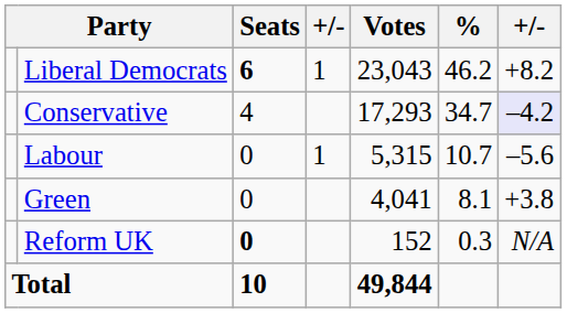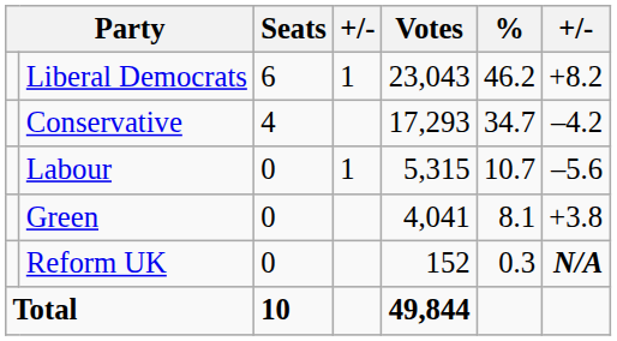 <table class="wikitable sortable">
 <tr>
 <th colspan="2">Party</th>
 <th>Seats</th>
 <th>+/-</th>
 <th>Votes</th>
 <th>%</th>
 <th>+/-</th>
 </tr>
 <tr>
 <td style="background-color: "></td>
 <td><a href='#'>Liberal Democrats</a></td>
-<td><strong>6</strong></td>
+<td>6</td>
 <td> 1</td>
 <td style="text-align:right;">23,043</td>
 <td style="text-align:right;">46.2</td>
 <td style="text-align:right;">+8.2</td>
 </tr>
 <tr>
 <td style="background-color: "></td>
 <td><a href='#'>Conservative</a></td>
 <td>4</td>
 <td></td>
 <td style="text-align:right;">17,293</td>
 <td style="text-align:right;">34.7</td>
-<td style="background: lavender; text-align:right;">–4.2</td>
+<td style="text-align:right;">–4.2</td>
 </tr>
 <tr>
 <td style="background-color: "></td>
 <td><a href='#'>Labour</a></td>
 <td>0</td>
 <td> 1</td>
 <td style="text-align:right;">5,315</td>
 <td style="text-align:right;">10.7</td>
 <td style="text-align:right;">–5.6</td>
 </tr>
 <tr>
 <td style="background-color: "></td>
 <td><a href='#'>Green</a></td>
 <td>0</td>
 <td></td>
 <td style="text-align:right;">4,041</td>
 <td style="text-align:right;">8.1</td>
 <td style="text-align:right;">+3.8</td>
 </tr>
 <tr>
 <td style="background-color: "></td>
 <td><a href='#'>Reform UK</a></td>
-<td><strong>0</strong></td>
+<td>0</td>
 <td></td>
 <td style="text-align:right;">152</td>
 <td style="text-align:right;">0.3</td>
-<td style="text-align:right;"><em>N/A</em></td>
+<td style="text-align:right;"><strong><em>N/A</em></strong></td>
 </tr>
 <tr>
 <td colspan="2"><strong>Total</strong></td>
 <td><strong>10</strong></td>
 <td></td>
 <td style="text-align:right;"><strong>49,844</strong></td>
 <td style="text-align:right;"></td>
 <td style="text-align:right;"></td>
 </tr>
 </table>
